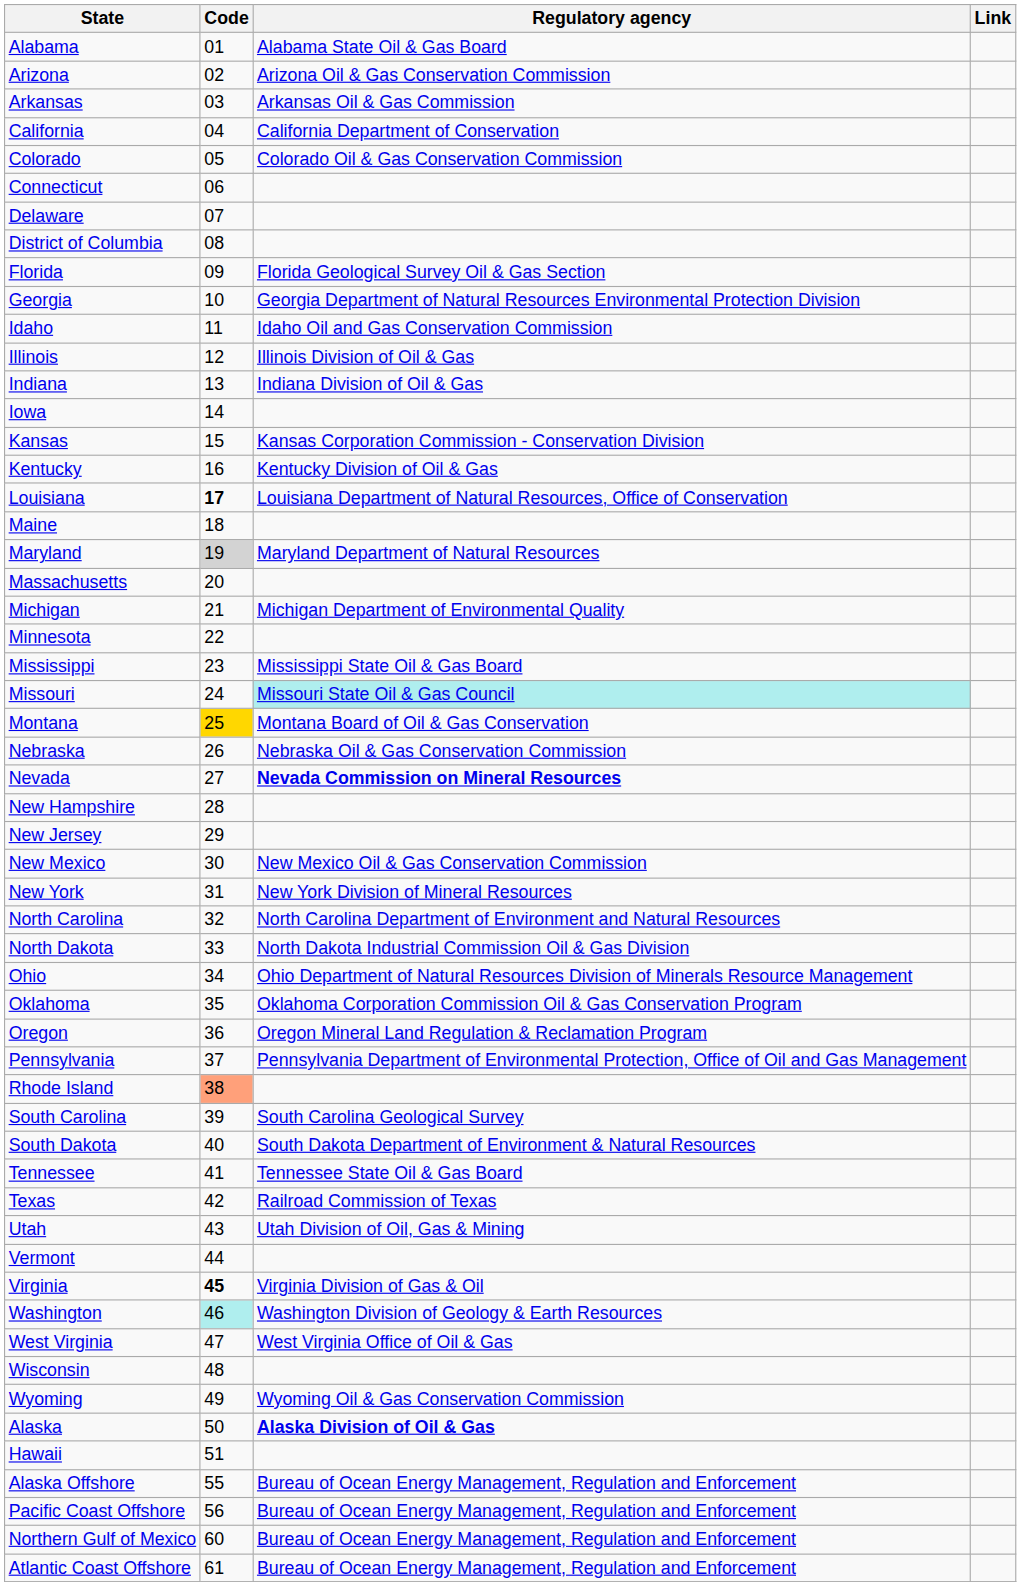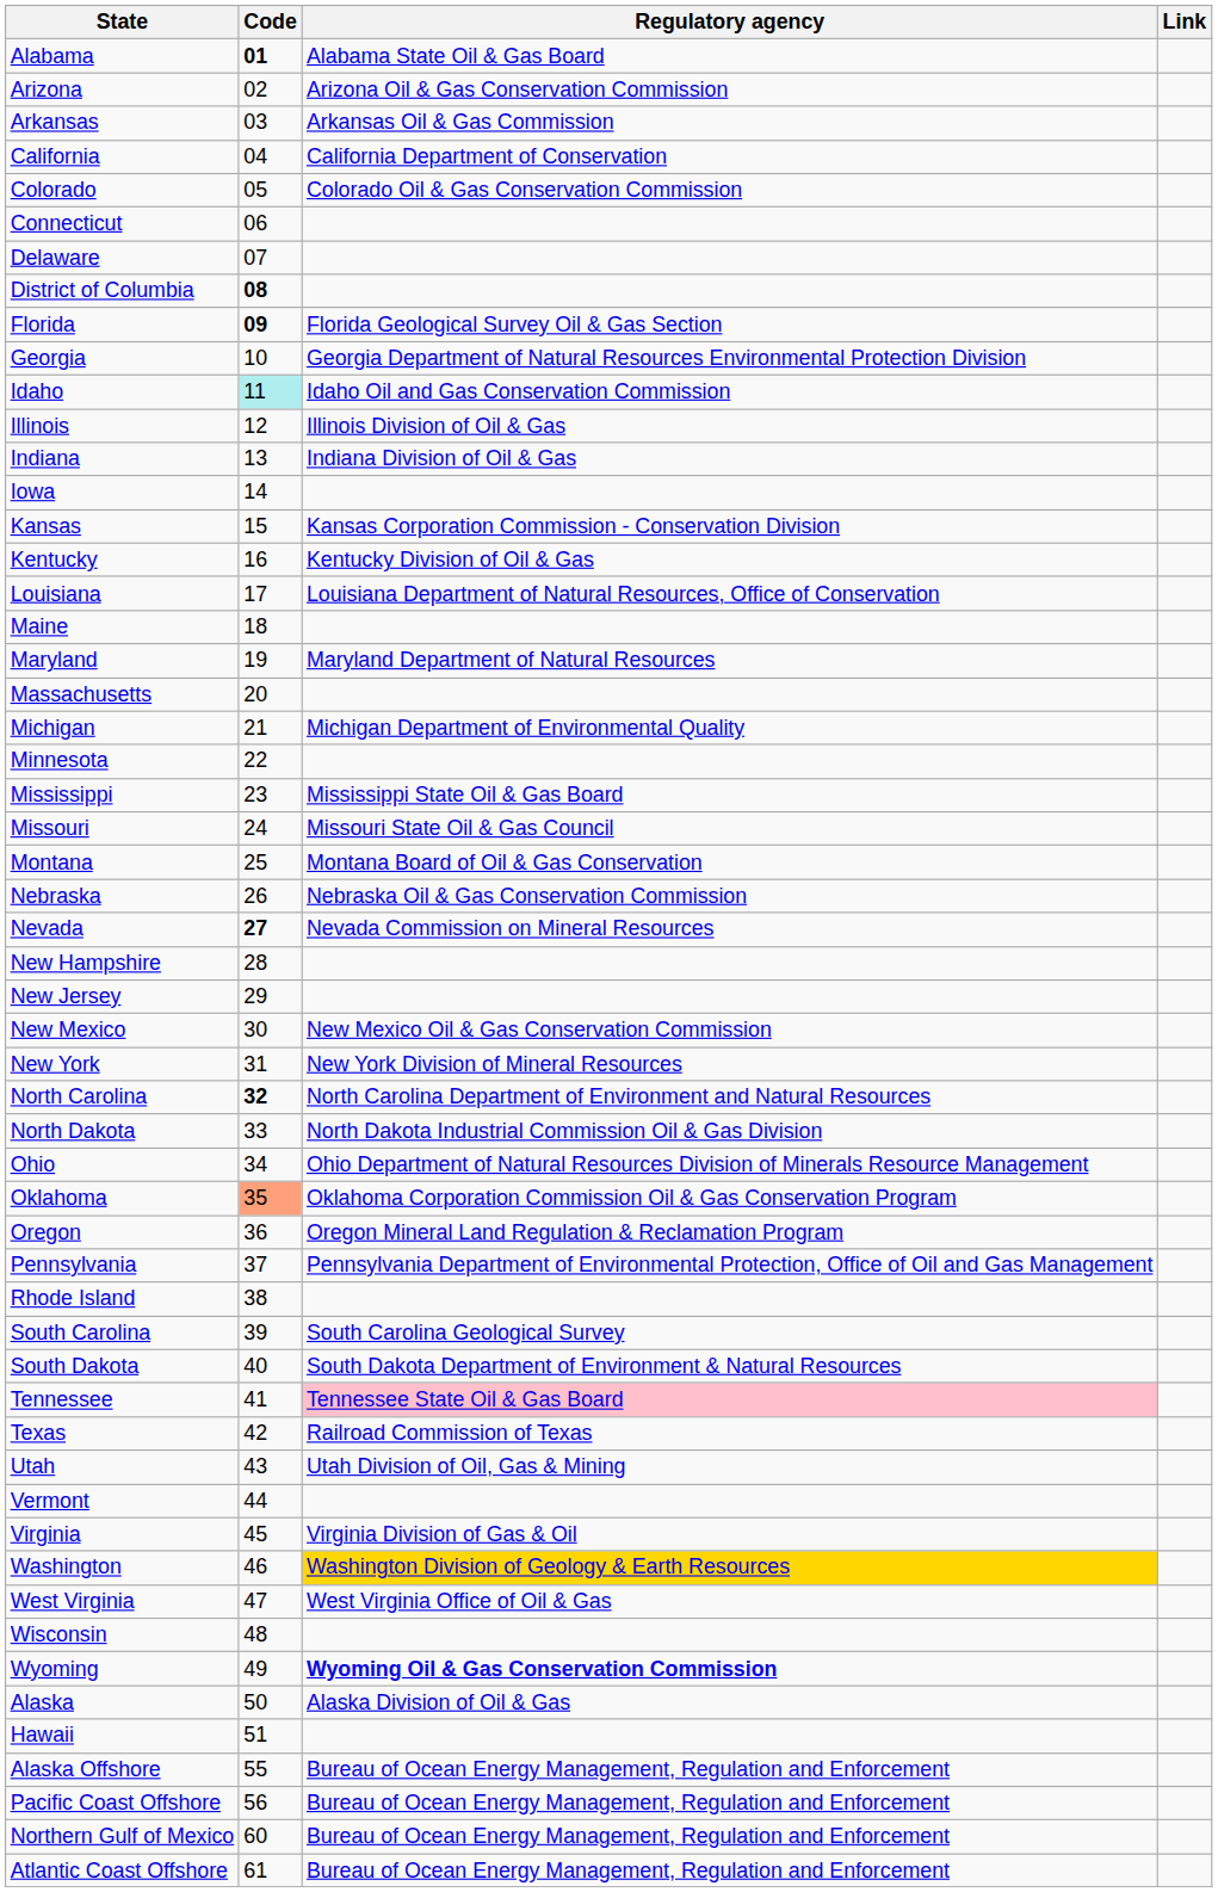 <table class="wikitable">
 <tr>
 <th>State</th>
 <th>Code</th>
 <th>Regulatory agency</th>
 <th>Link</th>
 </tr>
 <tr>
 <td><a href='#'>Alabama</a></td>
-<td>01</td>
+<td><strong>01</strong></td>
 <td><a href='#'>Alabama State Oil & Gas Board</a></td>
 <td></td>
 </tr>
 <tr>
 <td><a href='#'>Arizona</a></td>
 <td>02</td>
 <td><a href='#'>Arizona Oil & Gas Conservation Commission</a></td>
 <td></td>
 </tr>
 <tr>
 <td><a href='#'>Arkansas</a></td>
 <td>03</td>
 <td><a href='#'>Arkansas Oil & Gas Commission</a></td>
 <td></td>
 </tr>
 <tr>
 <td><a href='#'>California</a></td>
 <td>04</td>
 <td><a href='#'>California Department of Conservation</a></td>
 <td></td>
 </tr>
 <tr>
 <td><a href='#'>Colorado</a></td>
 <td>05</td>
 <td><a href='#'>Colorado Oil & Gas Conservation Commission</a></td>
 <td> </td>
 </tr>
 <tr>
 <td><a href='#'>Connecticut</a></td>
 <td>06</td>
 <td></td>
 <td></td>
 </tr>
 <tr>
 <td><a href='#'>Delaware</a></td>
 <td>07</td>
 <td></td>
 <td></td>
 </tr>
 <tr>
 <td><a href='#'>District of Columbia</a></td>
-<td>08</td>
+<td><strong>08</strong></td>
 <td></td>
 <td></td>
 </tr>
 <tr>
 <td><a href='#'>Florida</a></td>
-<td>09</td>
+<td><strong>09</strong></td>
 <td><a href='#'>Florida Geological Survey Oil & Gas Section</a></td>
 <td></td>
 </tr>
 <tr>
 <td><a href='#'>Georgia</a></td>
 <td>10</td>
 <td><a href='#'>Georgia Department of Natural Resources Environmental Protection Division</a></td>
 <td></td>
 </tr>
 <tr>
 <td><a href='#'>Idaho</a></td>
-<td>11</td>
+<td style="background: paleturquoise;">11</td>
 <td><a href='#'>Idaho Oil and Gas Conservation Commission</a></td>
 <td></td>
 </tr>
 <tr>
 <td><a href='#'>Illinois</a></td>
 <td>12</td>
 <td><a href='#'>Illinois Division of Oil & Gas</a></td>
 <td></td>
 </tr>
 <tr>
 <td><a href='#'>Indiana</a></td>
 <td>13</td>
 <td><a href='#'>Indiana Division of Oil & Gas</a></td>
 <td></td>
 </tr>
 <tr>
 <td><a href='#'>Iowa</a></td>
 <td>14</td>
 <td></td>
 <td></td>
 </tr>
 <tr>
 <td><a href='#'>Kansas</a></td>
 <td>15</td>
 <td><a href='#'>Kansas Corporation Commission - Conservation Division</a></td>
 <td></td>
 </tr>
 <tr>
 <td><a href='#'>Kentucky</a></td>
 <td>16</td>
 <td><a href='#'>Kentucky Division of Oil & Gas</a></td>
 <td></td>
 </tr>
 <tr>
 <td><a href='#'>Louisiana</a></td>
-<td><strong>17</strong></td>
+<td>17</td>
 <td><a href='#'>Louisiana Department of Natural Resources, Office of Conservation</a></td>
 <td></td>
 </tr>
 <tr>
 <td><a href='#'>Maine</a></td>
 <td>18</td>
 <td></td>
 <td></td>
 </tr>
 <tr>
 <td><a href='#'>Maryland</a></td>
-<td style="background: lightgrey;">19</td>
+<td>19</td>
 <td><a href='#'>Maryland Department of Natural Resources</a></td>
 <td></td>
 </tr>
 <tr>
 <td><a href='#'>Massachusetts</a></td>
 <td>20</td>
 <td></td>
 <td></td>
 </tr>
 <tr>
 <td><a href='#'>Michigan</a></td>
 <td>21</td>
 <td><a href='#'>Michigan Department of Environmental Quality</a></td>
 <td></td>
 </tr>
 <tr>
 <td><a href='#'>Minnesota</a></td>
 <td>22</td>
 <td></td>
 <td></td>
 </tr>
 <tr>
 <td><a href='#'>Mississippi</a></td>
 <td>23</td>
 <td><a href='#'>Mississippi State Oil & Gas Board</a></td>
 <td></td>
 </tr>
 <tr>
 <td><a href='#'>Missouri</a></td>
 <td>24</td>
-<td style="background: paleturquoise;"><a href='#'>Missouri State Oil & Gas Council</a></td>
+<td><a href='#'>Missouri State Oil & Gas Council</a></td>
 <td></td>
 </tr>
 <tr>
 <td><a href='#'>Montana</a></td>
-<td style="background: gold;">25</td>
+<td>25</td>
 <td><a href='#'>Montana Board of Oil & Gas Conservation</a></td>
 <td></td>
 </tr>
 <tr>
 <td><a href='#'>Nebraska</a></td>
 <td>26</td>
 <td><a href='#'>Nebraska Oil & Gas Conservation Commission</a></td>
 <td></td>
 </tr>
 <tr>
 <td><a href='#'>Nevada</a></td>
-<td>27</td>
-<td><strong><a href='#'>Nevada Commission on Mineral Resources</a></strong></td>
+<td><strong>27</strong></td>
+<td><a href='#'>Nevada Commission on Mineral Resources</a></td>
 <td></td>
 </tr>
 <tr>
 <td><a href='#'>New Hampshire</a></td>
 <td>28</td>
 <td></td>
 <td></td>
 </tr>
 <tr>
 <td><a href='#'>New Jersey</a></td>
 <td>29</td>
 <td></td>
 <td></td>
 </tr>
 <tr>
 <td><a href='#'>New Mexico</a></td>
 <td>30</td>
 <td><a href='#'>New Mexico Oil & Gas Conservation Commission</a></td>
 <td></td>
 </tr>
 <tr>
 <td><a href='#'>New York</a></td>
 <td>31</td>
 <td><a href='#'>New York Division of Mineral Resources</a></td>
 <td></td>
 </tr>
 <tr>
 <td><a href='#'>North Carolina</a></td>
-<td>32</td>
+<td><strong>32</strong></td>
 <td><a href='#'>North Carolina Department of Environment and Natural Resources</a></td>
 <td></td>
 </tr>
 <tr>
 <td><a href='#'>North Dakota</a></td>
 <td>33</td>
 <td><a href='#'>North Dakota Industrial Commission Oil & Gas Division</a></td>
 <td></td>
 </tr>
 <tr>
 <td><a href='#'>Ohio</a></td>
 <td>34</td>
 <td><a href='#'>Ohio Department of Natural Resources Division of Minerals Resource Management</a></td>
 <td></td>
 </tr>
 <tr>
 <td><a href='#'>Oklahoma</a></td>
-<td>35</td>
+<td style="background: lightsalmon;">35</td>
 <td><a href='#'>Oklahoma Corporation Commission Oil & Gas Conservation Program</a></td>
 <td></td>
 </tr>
 <tr>
 <td><a href='#'>Oregon</a></td>
 <td>36</td>
 <td><a href='#'>Oregon Mineral Land Regulation & Reclamation Program</a></td>
 <td></td>
 </tr>
 <tr>
 <td><a href='#'>Pennsylvania</a></td>
 <td>37</td>
 <td><a href='#'>Pennsylvania Department of Environmental Protection, Office of Oil and Gas Management</a></td>
 <td></td>
 </tr>
 <tr>
 <td><a href='#'>Rhode Island</a></td>
-<td style="background: lightsalmon;">38</td>
+<td>38</td>
 <td></td>
 <td></td>
 </tr>
 <tr>
 <td><a href='#'>South Carolina</a></td>
 <td>39</td>
 <td><a href='#'>South Carolina Geological Survey</a></td>
 <td></td>
 </tr>
 <tr>
 <td><a href='#'>South Dakota</a></td>
 <td>40</td>
 <td><a href='#'>South Dakota Department of Environment & Natural Resources</a></td>
 <td></td>
 </tr>
 <tr>
 <td><a href='#'>Tennessee</a></td>
 <td>41</td>
-<td><a href='#'>Tennessee State Oil & Gas Board</a></td>
+<td style="background: pink;"><a href='#'>Tennessee State Oil & Gas Board</a></td>
 <td></td>
 </tr>
 <tr>
 <td><a href='#'>Texas</a></td>
 <td>42</td>
 <td><a href='#'>Railroad Commission of Texas</a></td>
 <td></td>
 </tr>
 <tr>
 <td><a href='#'>Utah</a></td>
 <td>43</td>
 <td><a href='#'>Utah Division of Oil, Gas & Mining</a></td>
 <td></td>
 </tr>
 <tr>
 <td><a href='#'>Vermont</a></td>
 <td>44</td>
 <td></td>
 <td></td>
 </tr>
 <tr>
 <td><a href='#'>Virginia</a></td>
-<td><strong>45</strong></td>
+<td>45</td>
 <td><a href='#'>Virginia Division of Gas & Oil</a></td>
 <td></td>
 </tr>
 <tr>
 <td><a href='#'>Washington</a></td>
-<td style="background: paleturquoise;">46</td>
-<td><a href='#'>Washington Division of Geology & Earth Resources</a></td>
+<td>46</td>
+<td style="background: gold;"><a href='#'>Washington Division of Geology & Earth Resources</a></td>
 <td></td>
 </tr>
 <tr>
 <td><a href='#'>West Virginia</a></td>
 <td>47</td>
 <td><a href='#'>West Virginia Office of Oil & Gas</a></td>
 <td></td>
 </tr>
 <tr>
 <td><a href='#'>Wisconsin</a></td>
 <td>48</td>
 <td></td>
 <td></td>
 </tr>
 <tr>
 <td><a href='#'>Wyoming</a></td>
 <td>49</td>
-<td><a href='#'>Wyoming Oil & Gas Conservation Commission</a></td>
+<td><strong><a href='#'>Wyoming Oil & Gas Conservation Commission</a></strong></td>
 <td></td>
 </tr>
 <tr>
 <td><a href='#'>Alaska</a></td>
 <td>50</td>
-<td><strong><a href='#'>Alaska Division of Oil & Gas</a></strong></td>
+<td><a href='#'>Alaska Division of Oil & Gas</a></td>
 <td></td>
 </tr>
 <tr>
 <td><a href='#'>Hawaii</a></td>
 <td>51</td>
 <td></td>
 <td></td>
 </tr>
 <tr>
 <td><a href='#'>Alaska Offshore</a></td>
 <td>55</td>
 <td><a href='#'>Bureau of Ocean Energy Management, Regulation and Enforcement</a></td>
 <td></td>
 </tr>
 <tr>
 <td><a href='#'>Pacific Coast Offshore</a></td>
 <td>56</td>
 <td><a href='#'>Bureau of Ocean Energy Management, Regulation and Enforcement</a></td>
 <td></td>
 </tr>
 <tr>
 <td><a href='#'>Northern Gulf of Mexico</a></td>
 <td>60</td>
 <td><a href='#'>Bureau of Ocean Energy Management, Regulation and Enforcement</a></td>
 <td></td>
 </tr>
 <tr>
 <td><a href='#'>Atlantic Coast Offshore</a></td>
 <td>61</td>
 <td><a href='#'>Bureau of Ocean Energy Management, Regulation and Enforcement</a></td>
 <td></td>
 </tr>
 <tr>
 </tr>
 </table>
